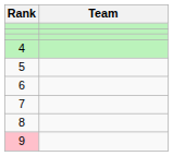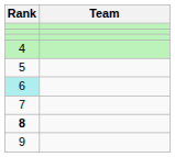 <table class="wikitable">
 <tr>
 <th>Rank</th>
 <th width=170>Team</th>
 </tr>
 <tr bgcolor=#bbf3bb>
 <td align=center></td>
 <td></td>
 </tr>
 <tr bgcolor=#bbf3bb>
 <td align=center></td>
 <td></td>
 </tr>
 <tr bgcolor=#bbf3bb>
 <td align=center></td>
 <td></td>
 </tr>
 <tr bgcolor=#bbf3bb>
 <td align=center>4</td>
 <td></td>
 </tr>
 <tr>
 <td align=center>5</td>
 <td></td>
 </tr>
 <tr>
-<td align=center>6</td>
+<td align=center style="background: paleturquoise;">6</td>
 <td></td>
 </tr>
 <tr>
 <td align=center>7</td>
 <td></td>
 </tr>
 <tr>
-<td align=center>8</td>
+<td align=center><strong>8</strong></td>
 <td></td>
 </tr>
 <tr>
-<td align=center style="background: pink;">9</td>
+<td align=center>9</td>
 <td></td>
 </tr>
 </table>
